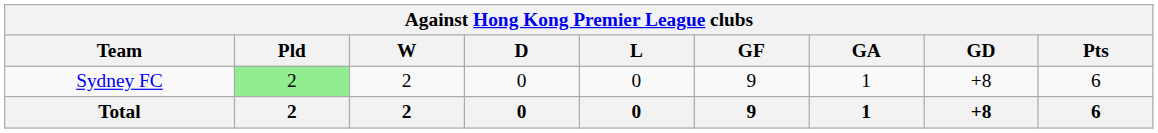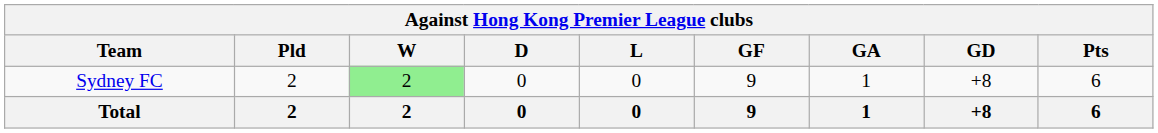 <table width=60% class="wikitable" style="text-align:center">
 <tr>
 <th colspan=9>Against <a href='#'>Hong Kong Premier League</a> clubs</th>
 </tr>
 <tr>
 <th width=10%>Team</th>
 <th width=5%>Pld</th>
 <th width=5%>W</th>
 <th width=5%>D</th>
 <th width=5%>L</th>
 <th width=5%>GF</th>
 <th width=5%>GA</th>
 <th width=5%>GD</th>
 <th width=5%>Pts</th>
 </tr>
 <tr>
 <td align=center><a href='#'>Sydney FC</a></td>
+<td>2</td>
 <td style="background: lightgreen;">2</td>
-<td>2</td>
 <td>0</td>
 <td>0</td>
 <td>9</td>
 <td>1</td>
 <td>+8</td>
 <td>6</td>
 </tr>
 <tr>
 <th>Total</th>
 <th>2</th>
 <th>2</th>
 <th>0</th>
 <th>0</th>
 <th>9</th>
 <th>1</th>
 <th>+8</th>
 <th>6</th>
 </tr>
 </table>
